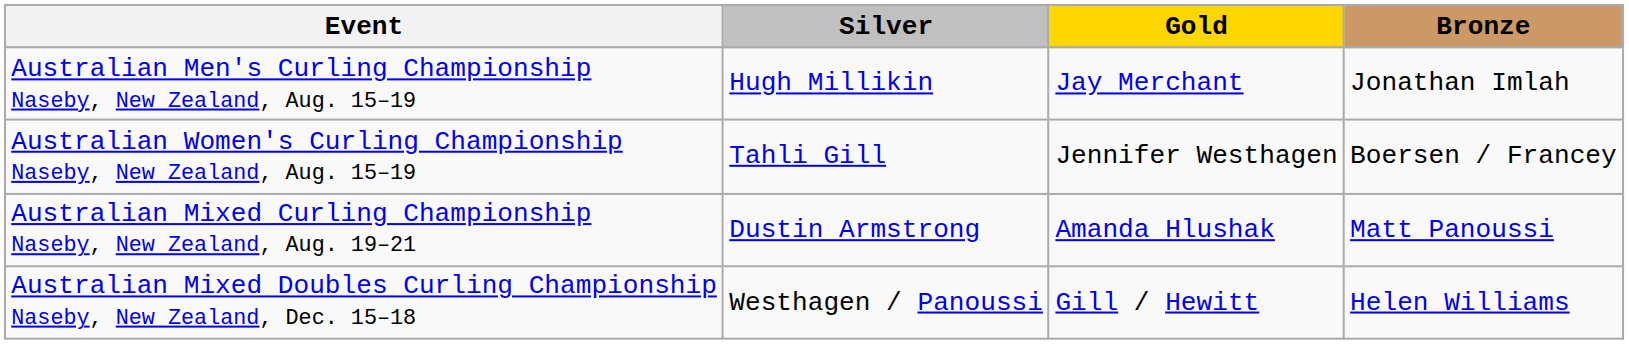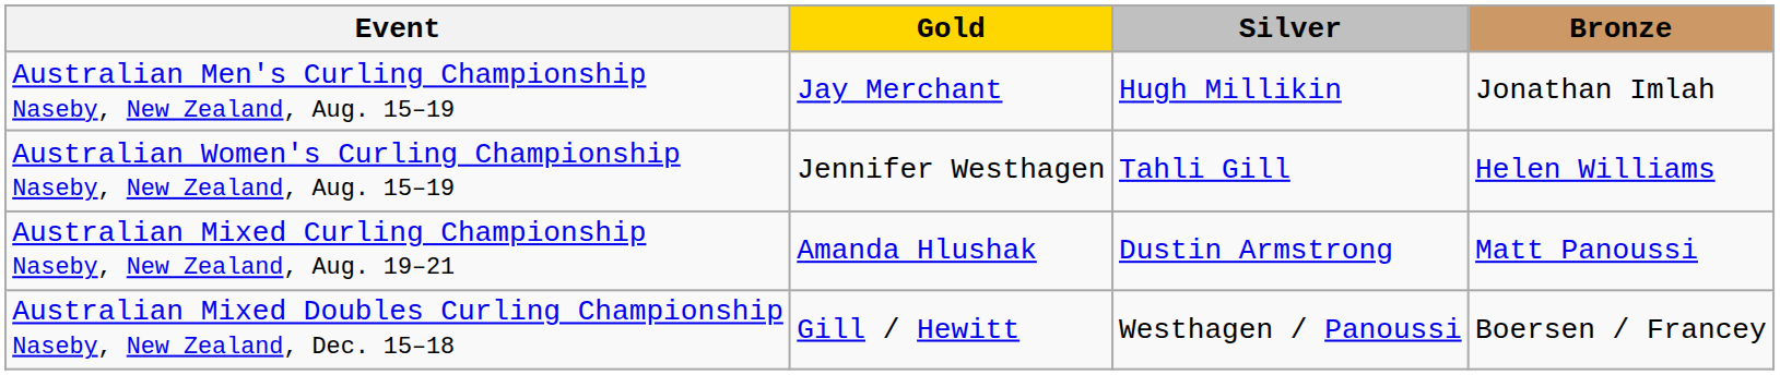 <table class="wikitable">
 <tr>
 <th>Event</th>
+<th style="background:gold">Gold</th>
 <th style="background:silver">Silver</th>
-<th style="background:gold">Gold</th>
 <th style="background:#cc9966">Bronze</th>
 </tr>
 <tr>
 <td><a href='#'>Australian Men's Curling Championship</a> <br> <small><a href='#'>Naseby</a>, <a href='#'>New Zealand</a>, Aug. 15–19</small></td>
+<td><a href='#'>Jay Merchant</a></td>
 <td><a href='#'>Hugh Millikin</a></td>
-<td><a href='#'>Jay Merchant</a></td>
 <td>Jonathan Imlah</td>
 </tr>
 <tr>
 <td><a href='#'>Australian Women's Curling Championship</a> <br> <small><a href='#'>Naseby</a>, <a href='#'>New Zealand</a>, Aug. 15–19</small></td>
+<td>Jennifer Westhagen</td>
 <td><a href='#'>Tahli Gill</a></td>
-<td>Jennifer Westhagen</td>
-<td>Boersen / Francey</td>
+<td><a href='#'>Helen Williams</a></td>
 </tr>
 <tr>
 <td><a href='#'>Australian Mixed Curling Championship</a> <br> <small><a href='#'>Naseby</a>, <a href='#'>New Zealand</a>, Aug. 19–21</small></td>
+<td><a href='#'>Amanda Hlushak</a></td>
 <td><a href='#'>Dustin Armstrong</a></td>
-<td><a href='#'>Amanda Hlushak</a></td>
 <td><a href='#'>Matt Panoussi</a></td>
 </tr>
 <tr>
 <td><a href='#'>Australian Mixed Doubles Curling Championship</a> <br> <small><a href='#'>Naseby</a>, <a href='#'>New Zealand</a>, Dec. 15–18</small></td>
+<td><a href='#'>Gill</a> / <a href='#'>Hewitt</a></td>
 <td>Westhagen / <a href='#'>Panoussi</a></td>
-<td><a href='#'>Gill</a> / <a href='#'>Hewitt</a></td>
-<td><a href='#'>Helen Williams</a></td>
+<td>Boersen / Francey</td>
 </tr>
 </table>
